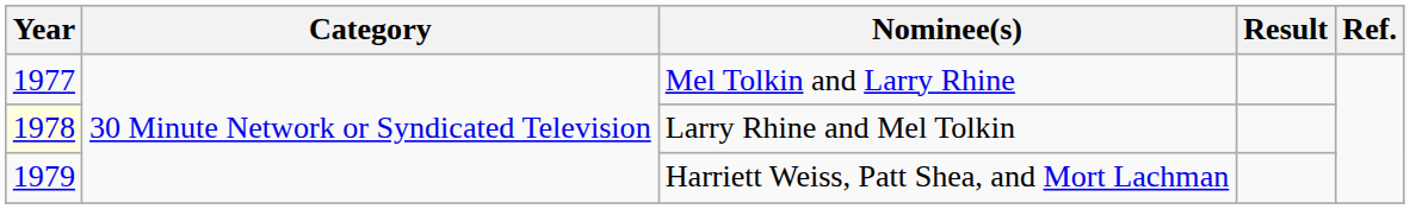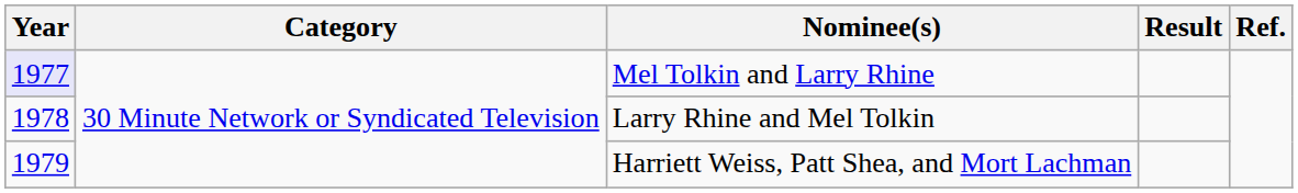 <table class="wikitable">
 <tr>
 <th>Year</th>
 <th>Category</th>
 <th>Nominee(s)</th>
 <th>Result</th>
 <th>Ref.</th>
 </tr>
 <tr>
-<td><a href='#'>1977</a></td>
+<td style="background: lavender;"><a href='#'>1977</a></td>
 <td rowspan="3"><a href='#'>30 Minute Network or Syndicated Television</a></td>
 <td><a href='#'>Mel Tolkin</a> and <a href='#'>Larry Rhine</a> </td>
 <td></td>
 <td align="center" rowspan="3"></td>
 </tr>
 <tr>
-<td style="background: lightyellow;"><a href='#'>1978</a></td>
+<td><a href='#'>1978</a></td>
 <td>Larry Rhine and Mel Tolkin </td>
 <td></td>
 </tr>
 <tr>
 <td><a href='#'>1979</a></td>
 <td>Harriett Weiss, Patt Shea, and <a href='#'>Mort Lachman</a> </td>
 <td></td>
 </tr>
 </table>
